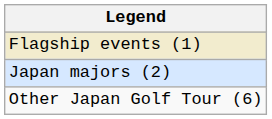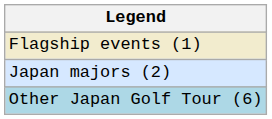 <table class="wikitable" style="font-size:95%;">
 <tr>
 <th>Legend</th>
 </tr>
 <tr style="background:#f2ecce;">
 <td>Flagship events (1)</td>
 </tr>
 <tr style="background:#D6E8FF;">
 <td>Japan majors (2)</td>
 </tr>
 <tr>
-<td>Other Japan Golf Tour (6)</td>
+<td style="background: lightblue;">Other Japan Golf Tour (6)</td>
 </tr>
 </table>
